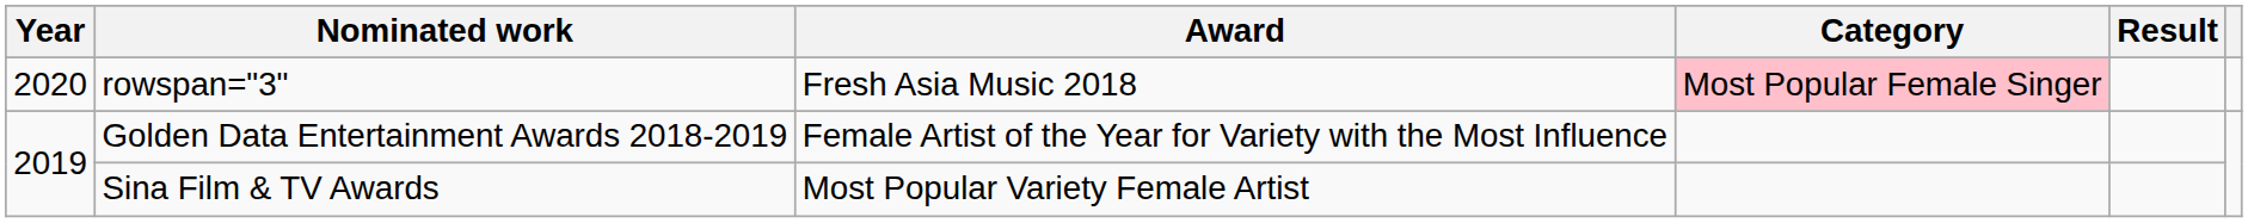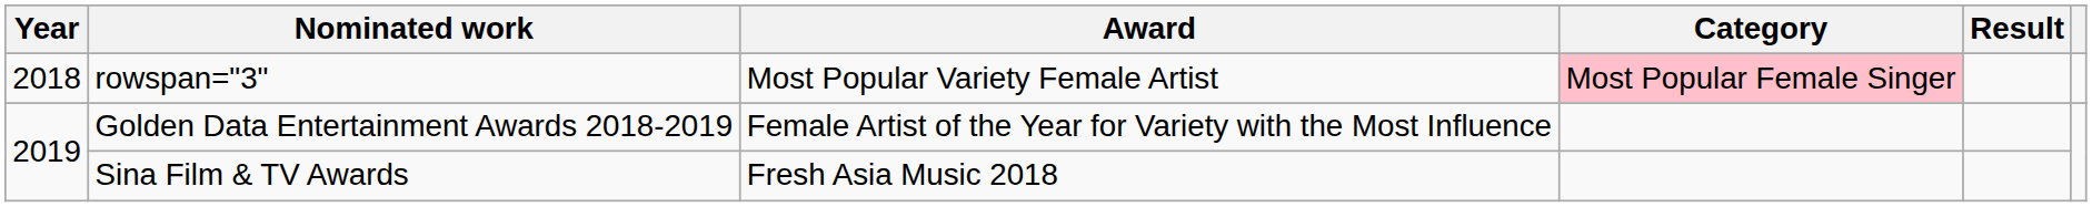 <table class="wikitable">
 <tr>
 <th width=10>Year</th>
 <th>Nominated work</th>
 <th>Award</th>
 <th>Category</th>
 <th>Result</th>
 <th></th>
 </tr>
 <tr>
-<td>2020</td>
+<td>2018</td>
 <td>rowspan="3" </td>
-<td>Fresh Asia Music 2018</td>
+<td>Most Popular Variety Female Artist</td>
 <td style="background: pink;">Most Popular Female Singer</td>
 <td></td>
 <td></td>
 </tr>
 <tr>
 <td rowspan=2>2019</td>
 <td>Golden Data Entertainment Awards 2018-2019</td>
 <td>Female Artist of the Year for Variety with the Most Influence</td>
 <td></td>
 <td></td>
 </tr>
 <tr>
 <td>Sina Film & TV Awards</td>
-<td>Most Popular Variety Female Artist</td>
+<td>Fresh Asia Music 2018</td>
 <td></td>
 <td></td>
 </tr>
 </table>
